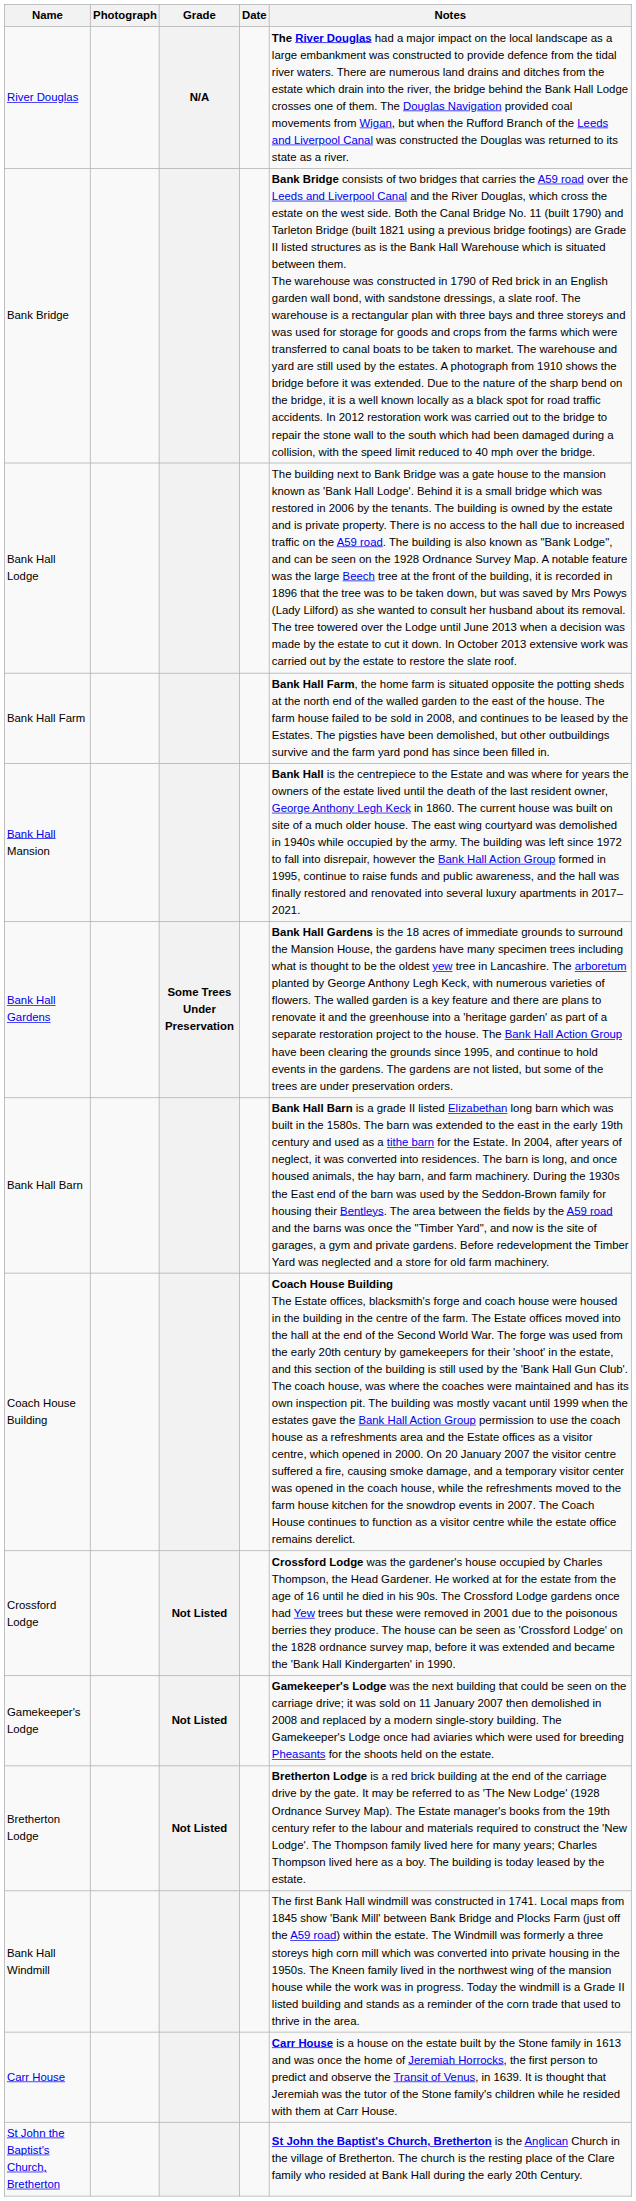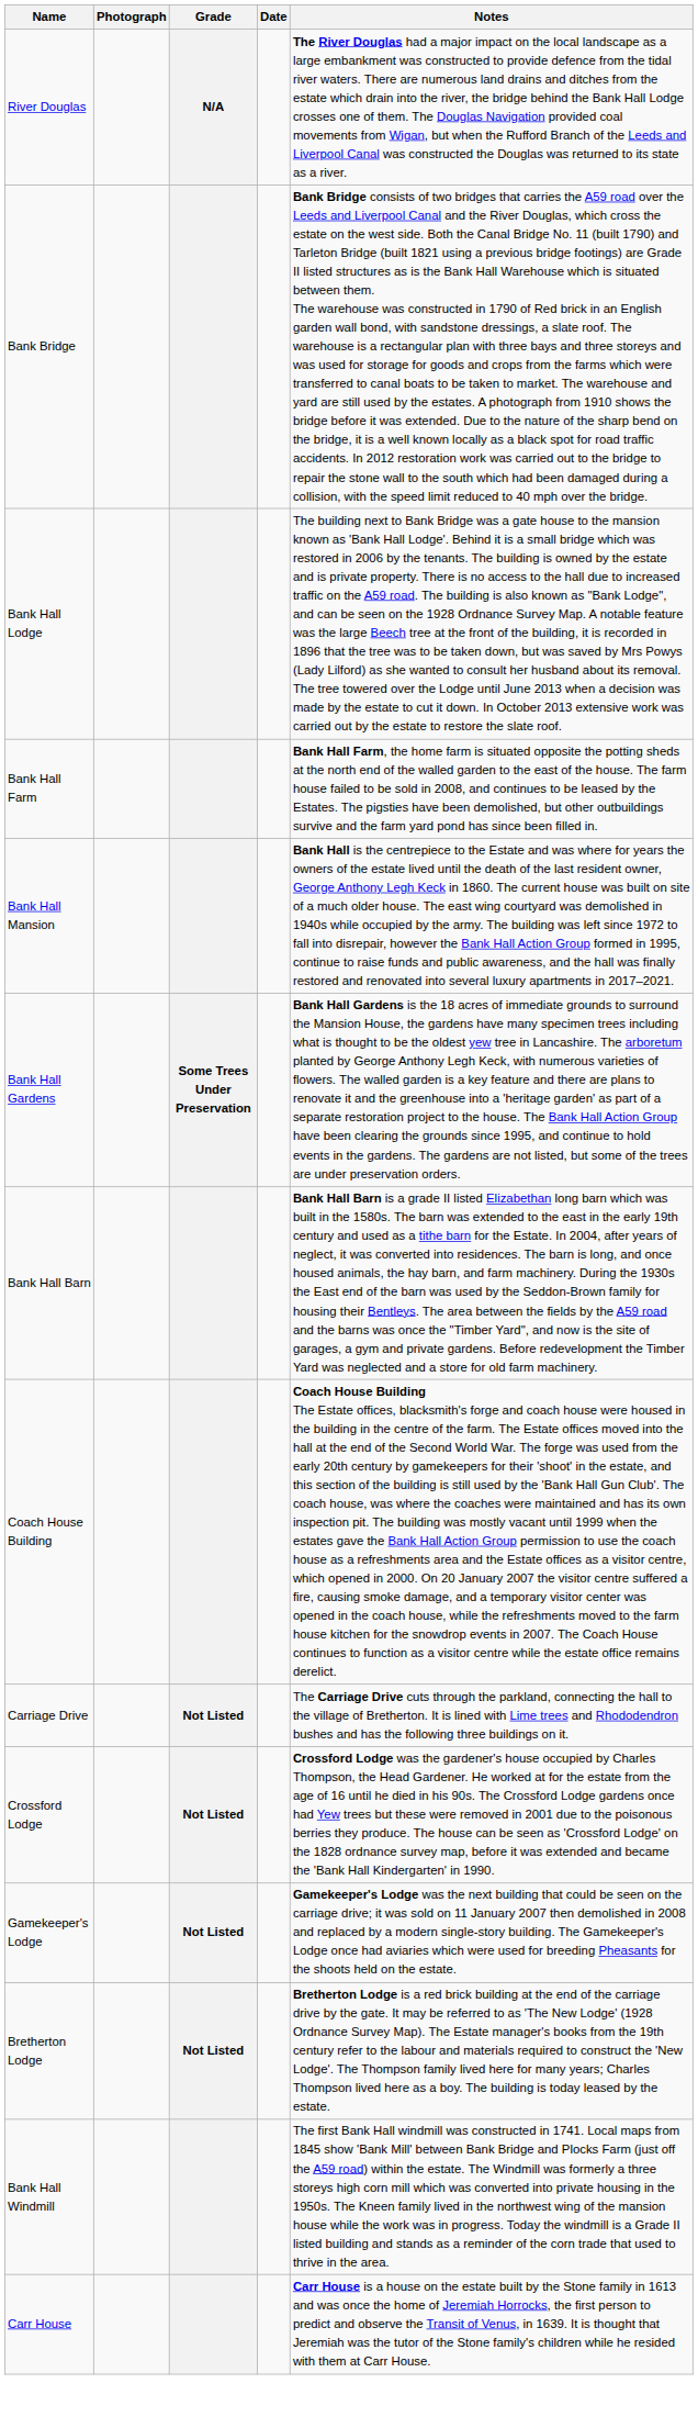 <table class="wikitable sortable" style="width:100%; border:0; text-align:left; line-height:150%;">
 <tr>
 <th Name>Name</th>
 <th class="unsortable">Photograph</th>
 <th>Grade</th>
 <th>Date</th>
 <th class="unsortable">Notes</th>
 </tr>
 <tr>
 <td><a href='#'>River Douglas</a></td>
 <td></td>
 <th>N/A</th>
 <td></td>
 <td><strong>The <a href='#'>River Douglas</a></strong> had a major impact on the local landscape as a large embankment was constructed to provide defence from the tidal river waters. There are numerous land drains and ditches from the estate which drain into the river, the bridge behind the Bank Hall Lodge crosses one of them. The <a href='#'>Douglas Navigation</a> provided coal movements from <a href='#'>Wigan</a>, but when the Rufford Branch of the <a href='#'>Leeds and Liverpool Canal</a> was constructed the Douglas was returned to its state as a river.</td>
 </tr>
 <tr>
 <td>Bank Bridge</td>
 <td></td>
 <th></th>
 <td style="text-align:center;"></td>
 <td><strong>Bank Bridge</strong> consists of two bridges that carries the <a href='#'>A59 road</a> over the <a href='#'>Leeds and Liverpool Canal</a> and the River Douglas, which cross the estate on the west side. Both the Canal Bridge No. 11 (built 1790) and Tarleton Bridge (built 1821 using a previous bridge footings) are Grade II listed structures as is the Bank Hall Warehouse which is situated between them.<br>The warehouse was constructed in 1790 of Red brick in an English garden wall bond, with sandstone dressings, a slate roof. The warehouse is a rectangular plan with three bays and three storeys and was used for storage for goods and crops from the farms which were transferred to canal boats to be taken to market. The warehouse and yard are still used by the estates. A photograph from 1910 shows the bridge before it was extended. Due to the nature of the sharp bend on the bridge, it is a well known locally as a black spot for road traffic accidents. In 2012 restoration work was carried out to the bridge to repair the stone wall to the south which had been damaged during a collision, with the speed limit reduced to 40 mph over the bridge.</td>
 </tr>
 <tr>
 <td>Bank Hall Lodge</td>
 <td></td>
 <th></th>
 <td style="text-align:center;"></td>
 <td>The building next to Bank Bridge was a gate house to the mansion known as 'Bank Hall Lodge'. Behind it is a small bridge which was restored in 2006 by the tenants. The building is owned by the estate and is private property. There is no access to the hall due to increased traffic on the <a href='#'>A59 road</a>. The building is also known as "Bank Lodge", and can be seen on the 1928 Ordnance Survey Map. A notable feature was the large <a href='#'>Beech</a> tree at the front of the building, it is recorded in 1896 that the tree was to be taken down, but was saved by Mrs Powys (Lady Lilford) as she wanted to consult her husband about its removal. The tree towered over the Lodge until June 2013 when a decision was made by the estate to cut it down. In October 2013 extensive work was carried out by the estate to restore the slate roof.</td>
 </tr>
 <tr>
 <td>Bank Hall Farm</td>
 <td></td>
 <th></th>
 <td style="text-align:center;"></td>
 <td><strong>Bank Hall Farm</strong>, the home farm is situated opposite the potting sheds at the north end of the walled garden to the east of the house. The farm house failed to be sold in 2008, and continues to be leased by the Estates. The pigsties have been demolished, but other outbuildings survive and the farm yard pond has since been filled in.</td>
 </tr>
 <tr>
 <td><a href='#'>Bank Hall</a> Mansion</td>
 <td></td>
 <th></th>
 <td style="text-align:center;"></td>
 <td><strong>Bank Hall</strong> is the centrepiece to the Estate and was where for years the owners of the estate lived until the death of the last resident owner, <a href='#'>George Anthony Legh Keck</a> in 1860. The current house was built on site of a much older house. The east wing courtyard was demolished in 1940s while occupied by the army. The building was left since 1972 to fall into disrepair, however the <a href='#'>Bank Hall Action Group</a> formed in 1995, continue to raise funds and public awareness, and the hall was finally restored and renovated into several luxury apartments in 2017–2021.</td>
 </tr>
 <tr>
 <td><a href='#'>Bank Hall Gardens</a></td>
 <td></td>
 <th>Some Trees Under Preservation</th>
 <td style="text-align:center;"></td>
 <td><strong>Bank Hall Gardens</strong> is the 18 acres of immediate grounds to surround the Mansion House, the gardens have many specimen trees including what is thought to be the oldest <a href='#'>yew</a> tree in Lancashire. The <a href='#'>arboretum</a> planted by George Anthony Legh Keck, with numerous varieties of flowers. The walled garden is a key feature and there are plans to renovate it and the greenhouse into a 'heritage garden' as part of a separate restoration project to the house. The <a href='#'>Bank Hall Action Group</a> have been clearing the grounds since 1995, and continue to hold events in the gardens. The gardens are not listed, but some of the trees are under preservation orders.</td>
 </tr>
 <tr>
 <td>Bank Hall Barn</td>
 <td></td>
 <th></th>
 <td style="text-align:center;"></td>
 <td><strong>Bank Hall Barn</strong> is a grade II listed <a href='#'>Elizabethan</a> long barn which was built in the 1580s. The barn was extended to the east in the early 19th century and used as a <a href='#'>tithe barn</a> for the Estate. In 2004, after years of neglect, it was converted into residences. The barn is  long, and once housed animals, the hay barn, and farm machinery. During the 1930s the East end of the barn was used by the Seddon-Brown family for housing their <a href='#'>Bentleys</a>. The area between the fields by the <a href='#'>A59 road</a> and the barns was once the "Timber Yard", and now is the site of garages, a gym and private gardens. Before redevelopment the Timber Yard was neglected and a store for old farm machinery.</td>
 </tr>
 <tr>
 <td>Coach House Building</td>
 <td></td>
 <th></th>
 <td style="text-align:center;"></td>
 <td><strong>Coach House Building</strong><br>The Estate offices, blacksmith's forge and coach house were housed in the building in the centre of the farm. The Estate offices moved into the hall at the end of the Second World War. The forge was used from the early 20th century by gamekeepers for their 'shoot' in the estate, and this section of the building is still used by the 'Bank Hall Gun Club'. The coach house, was where the coaches were maintained and has its own inspection pit. The building was mostly vacant until 1999 when the estates gave the <a href='#'>Bank Hall Action Group</a> permission to use the coach house as a refreshments area and the Estate offices as a visitor centre, which opened in 2000. On 20 January 2007 the visitor centre suffered a fire, causing smoke damage, and a temporary visitor center was opened in the coach house, while the refreshments moved to the farm house kitchen for the snowdrop events in 2007. The Coach House continues to function as a visitor centre while the estate office remains derelict.</td>
 </tr>
 <tr>
+<td>Carriage Drive</td>
+<td></td>
+<th>Not Listed</th>
+<td style="text-align:center;"></td>
+<td>The <strong>Carriage Drive</strong> cuts through the parkland, connecting the hall to the village of Bretherton. It is lined with <a href='#'>Lime trees</a> and <a href='#'>Rhododendron</a> bushes and has the following three buildings on it.</td>
+</tr>
+<tr>
 <td>Crossford Lodge</td>
 <td></td>
 <th>Not Listed</th>
 <td style="text-align:center;"></td>
 <td><strong>Crossford Lodge</strong> was the gardener's house occupied by Charles Thompson, the Head Gardener. He worked at for the estate from the age of 16 until he died in his 90s. The Crossford Lodge gardens once had <a href='#'>Yew</a> trees but these were removed in 2001 due to the poisonous berries they produce. The house can be seen as 'Crossford Lodge' on the 1828 ordnance survey map, before it was extended and became the 'Bank Hall Kindergarten' in 1990.</td>
 </tr>
 <tr>
 <td>Gamekeeper's Lodge</td>
 <td></td>
 <th>Not Listed</th>
 <td style="text-align:center;"></td>
 <td><strong>Gamekeeper's Lodge</strong> was the next building that could be seen on the carriage drive; it was sold on 11 January 2007 then demolished in 2008 and replaced by a modern single-story building. The Gamekeeper's Lodge once had aviaries which were used for breeding <a href='#'>Pheasants</a> for the shoots held on the estate.</td>
 </tr>
 <tr>
 <td>Bretherton Lodge</td>
 <td></td>
 <th>Not Listed</th>
 <td style="text-align:center;"></td>
 <td><strong>Bretherton Lodge</strong> is a red brick building at the end of the carriage drive by the gate. It may be referred to as 'The New Lodge' (1928 Ordnance Survey Map). The Estate manager's books from the 19th century refer to the labour and materials required to construct the 'New Lodge'. The Thompson family lived here for many years; Charles Thompson lived here as a boy. The building is today leased by the estate.</td>
 </tr>
 <tr>
 <td>Bank Hall Windmill</td>
 <td></td>
 <th></th>
 <td style="text-align:center;"></td>
 <td>The first Bank Hall windmill was constructed in 1741. Local maps from 1845 show 'Bank Mill' between Bank Bridge and Plocks Farm (just off the <a href='#'>A59 road</a>) within the estate. The Windmill was formerly a three storeys high corn mill which was converted into private housing in the 1950s. The Kneen family lived in the northwest wing of the mansion house while the work was in progress. Today the windmill is a Grade II listed building and stands as a reminder of the corn trade that used to thrive in the area.</td>
 </tr>
 <tr>
 <td><a href='#'>Carr House</a></td>
 <td></td>
 <th></th>
 <td style="text-align:center;"></td>
 <td><strong><a href='#'>Carr House</a></strong> is a house on the estate built by the Stone family in 1613 and was once the home of <a href='#'>Jeremiah Horrocks</a>, the first person to predict and observe the <a href='#'>Transit of Venus</a>, in 1639. It is thought that Jeremiah was the tutor of the Stone family's children while he resided with them at Carr House.</td>
 </tr>
-<tr>
-<td><a href='#'>St John the Baptist's Church, Bretherton</a></td>
-<td></td>
-<th></th>
-<td style="text-align:center;"></td>
-<td><strong><a href='#'>St John the Baptist's Church, Bretherton</a></strong> is the <a href='#'>Anglican</a> Church in the village of Bretherton. The church is the resting place of the Clare family who resided at Bank Hall during the early 20th Century.</td>
-</tr>
 </table>
